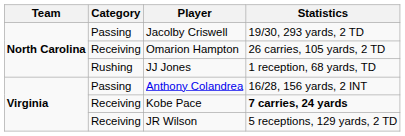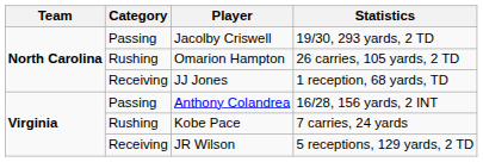 <table class="wikitable" style="float: right;">
 <tr>
 <th>Team</th>
 <th>Category</th>
 <th>Player</th>
 <th>Statistics</th>
 </tr>
 <tr>
 <td rowspan=3><strong>North Carolina</strong></td>
 <td>Passing</td>
 <td>Jacolby Criswell</td>
 <td>19/30, 293 yards, 2 TD</td>
 </tr>
 <tr>
-<td>Receiving</td>
+<td>Rushing</td>
 <td>Omarion Hampton</td>
 <td>26 carries, 105 yards, 2 TD</td>
 </tr>
 <tr>
-<td>Rushing</td>
+<td>Receiving</td>
 <td>JJ Jones</td>
 <td>1 reception, 68 yards, TD</td>
 </tr>
 <tr>
 <td rowspan=3><strong>Virginia</strong></td>
 <td>Passing</td>
 <td><a href='#'>Anthony Colandrea</a></td>
 <td>16/28, 156 yards, 2 INT</td>
 </tr>
 <tr>
-<td>Receiving</td>
+<td>Rushing</td>
 <td>Kobe Pace</td>
-<td><strong>7 carries, 24 yards</strong></td>
+<td>7 carries, 24 yards</td>
 </tr>
 <tr>
 <td>Receiving</td>
 <td>JR Wilson</td>
 <td>5 receptions, 129 yards, 2 TD</td>
 </tr>
 </table>
